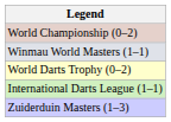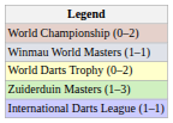 <table class="wikitable">
 <tr>
 <th>Legend</th>
 </tr>
 <tr style="background:#e5d1cb;">
 <td>World Championship (0–2)</td>
 </tr>
 <tr style="background:#dfe2e9;">
 <td>Winmau World Masters (1–1)</td>
 </tr>
 <tr style="background:#ffc;">
 <td>World Darts Trophy (0–2)</td>
 </tr>
 <tr style="background:#d0f0c0;">
+<td>Zuiderduin Masters (1–3)</td>
+</tr>
+<tr style="background:#ccf;">
 <td>International Darts League (1–1)</td>
 </tr>
-<tr style="background:#ccf;">
-<td>Zuiderduin Masters (1–3)</td>
-</tr>
 </table>
